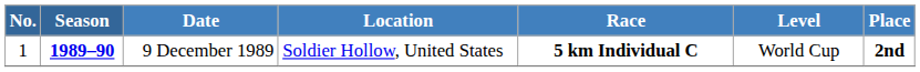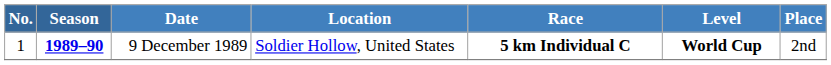 <table class="wikitable sortable" style="font-size:95%; text-align:center; border:grey solid 1px; border-collapse:collapse; background:#ffffff;">
 <tr style="background:#efefef;">
 <th style="background-color:#369; color:white;">No.</th>
 <th style="background-color:#369; color:white;">Season</th>
 <th style="background-color:#4180be; color:white; width:120px;">Date</th>
 <th style="background-color:#4180be; color:white; width:190px;">Location</th>
 <th style="background-color:#4180be; color:white; width:170px;">Race</th>
 <th style="background-color:#4180be; color:white; width:100px;">Level</th>
 <th style="background-color:#4180be; color:white;">Place</th>
 </tr>
 <tr>
 <td align=center>1</td>
 <td rowspan=1 align=center><strong> <a href='#'>1989–90</a> </strong></td>
 <td align=right>9 December 1989</td>
 <td align=left> <a href='#'>Soldier Hollow</a>, United States</td>
 <td><strong>5 km Individual C</strong></td>
-<td>World Cup</td>
-<td><strong>2nd</strong></td>
+<td><strong>World Cup</strong></td>
+<td>2nd</td>
 </tr>
 <tr>
 </tr>
 </table>
